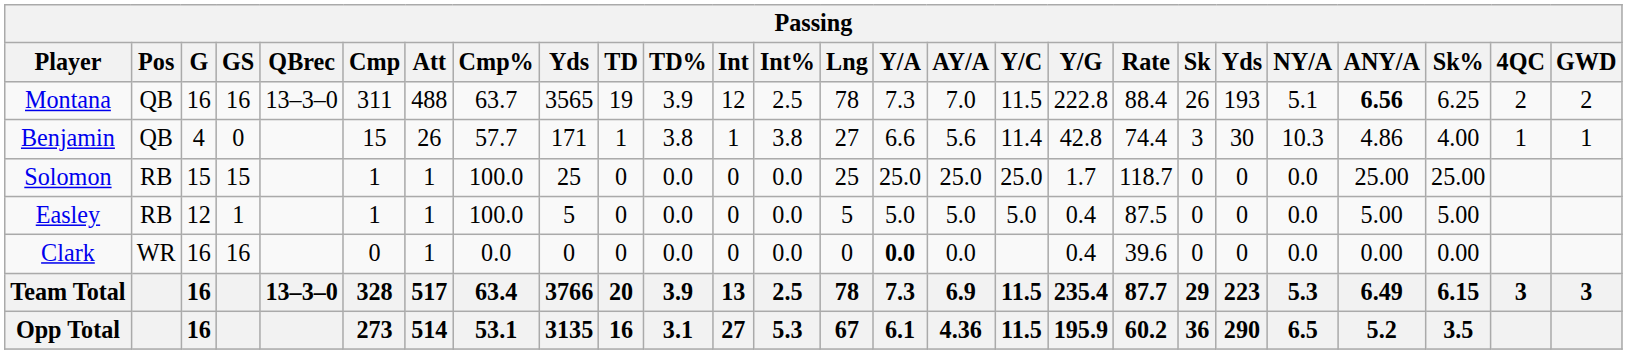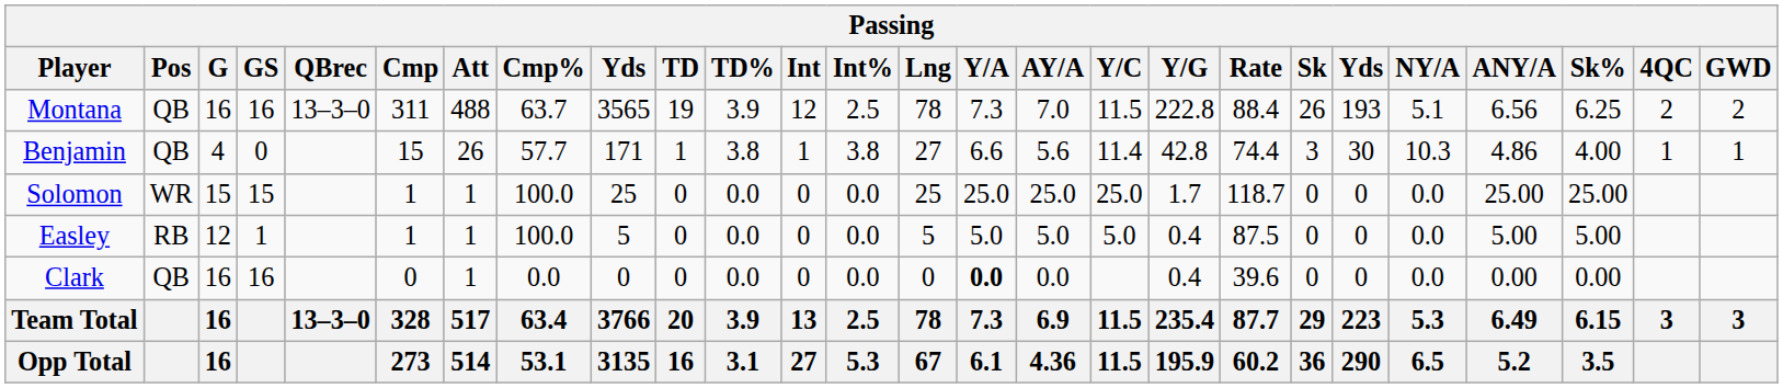 <table class="wikitable" style="text-align:center">
 <tr>
 <th colspan="26">Passing</th>
 </tr>
 <tr>
 <th>Player</th>
 <th>Pos</th>
 <th>G</th>
 <th>GS</th>
 <th>QBrec</th>
 <th>Cmp</th>
 <th>Att</th>
 <th>Cmp%</th>
 <th>Yds</th>
 <th>TD</th>
 <th>TD%</th>
 <th>Int</th>
 <th>Int%</th>
 <th>Lng</th>
 <th>Y/A</th>
 <th>AY/A</th>
 <th>Y/C</th>
 <th>Y/G</th>
 <th>Rate</th>
 <th>Sk</th>
 <th>Yds</th>
 <th>NY/A</th>
 <th>ANY/A</th>
 <th>Sk%</th>
 <th>4QC</th>
 <th>GWD</th>
 </tr>
 <tr>
 <td><a href='#'>Montana</a></td>
 <td>QB</td>
 <td>16</td>
 <td>16</td>
 <td>13–3–0</td>
 <td>311</td>
 <td>488</td>
 <td>63.7</td>
 <td>3565</td>
 <td>19</td>
 <td>3.9</td>
 <td>12</td>
 <td>2.5</td>
 <td>78</td>
 <td>7.3</td>
 <td>7.0</td>
 <td>11.5</td>
 <td>222.8</td>
 <td>88.4</td>
 <td>26</td>
 <td>193</td>
 <td>5.1</td>
-<td><strong>6.56</strong></td>
+<td>6.56</td>
 <td>6.25</td>
 <td>2</td>
 <td>2</td>
 </tr>
 <tr>
 <td><a href='#'>Benjamin</a></td>
 <td>QB</td>
 <td>4</td>
 <td>0</td>
 <td></td>
 <td>15</td>
 <td>26</td>
 <td>57.7</td>
 <td>171</td>
 <td>1</td>
 <td>3.8</td>
 <td>1</td>
 <td>3.8</td>
 <td>27</td>
 <td>6.6</td>
 <td>5.6</td>
 <td>11.4</td>
 <td>42.8</td>
 <td>74.4</td>
 <td>3</td>
 <td>30</td>
 <td>10.3</td>
 <td>4.86</td>
 <td>4.00</td>
 <td>1</td>
 <td>1</td>
 </tr>
 <tr>
 <td><a href='#'>Solomon</a></td>
-<td>RB</td>
+<td>WR</td>
 <td>15</td>
 <td>15</td>
 <td></td>
 <td>1</td>
 <td>1</td>
 <td>100.0</td>
 <td>25</td>
 <td>0</td>
 <td>0.0</td>
 <td>0</td>
 <td>0.0</td>
 <td>25</td>
 <td>25.0</td>
 <td>25.0</td>
 <td>25.0</td>
 <td>1.7</td>
 <td>118.7</td>
 <td>0</td>
 <td>0</td>
 <td>0.0</td>
 <td>25.00</td>
 <td>25.00</td>
 <td></td>
 <td></td>
 </tr>
 <tr>
 <td><a href='#'>Easley</a></td>
 <td>RB</td>
 <td>12</td>
 <td>1</td>
 <td></td>
 <td>1</td>
 <td>1</td>
 <td>100.0</td>
 <td>5</td>
 <td>0</td>
 <td>0.0</td>
 <td>0</td>
 <td>0.0</td>
 <td>5</td>
 <td>5.0</td>
 <td>5.0</td>
 <td>5.0</td>
 <td>0.4</td>
 <td>87.5</td>
 <td>0</td>
 <td>0</td>
 <td>0.0</td>
 <td>5.00</td>
 <td>5.00</td>
 <td></td>
 <td></td>
 </tr>
 <tr>
 <td><a href='#'>Clark</a></td>
-<td>WR</td>
+<td>QB</td>
 <td>16</td>
 <td>16</td>
 <td></td>
 <td>0</td>
 <td>1</td>
 <td>0.0</td>
 <td>0</td>
 <td>0</td>
 <td>0.0</td>
 <td>0</td>
 <td>0.0</td>
 <td>0</td>
 <td><strong>0.0</strong></td>
 <td>0.0</td>
 <td></td>
 <td>0.4</td>
 <td>39.6</td>
 <td>0</td>
 <td>0</td>
 <td>0.0</td>
 <td>0.00</td>
 <td>0.00</td>
 <td></td>
 <td></td>
 </tr>
 <tr>
 <th>Team Total</th>
 <th></th>
 <th>16</th>
 <th></th>
 <th>13–3–0</th>
 <th>328</th>
 <th>517</th>
 <th>63.4</th>
 <th>3766</th>
 <th>20</th>
 <th>3.9</th>
 <th>13</th>
 <th>2.5</th>
 <th>78</th>
 <th>7.3</th>
 <th>6.9</th>
 <th>11.5</th>
 <th>235.4</th>
 <th>87.7</th>
 <th>29</th>
 <th>223</th>
 <th>5.3</th>
 <th>6.49</th>
 <th>6.15</th>
 <th>3</th>
 <th>3</th>
 </tr>
 <tr>
 <th>Opp Total</th>
 <th></th>
 <th>16</th>
 <th></th>
 <th></th>
 <th>273</th>
 <th>514</th>
 <th>53.1</th>
 <th>3135</th>
 <th>16</th>
 <th>3.1</th>
 <th>27</th>
 <th>5.3</th>
 <th>67</th>
 <th>6.1</th>
 <th>4.36</th>
 <th>11.5</th>
 <th>195.9</th>
 <th>60.2</th>
 <th>36</th>
 <th>290</th>
 <th>6.5</th>
 <th>5.2</th>
 <th>3.5</th>
 <th></th>
 <th></th>
 </tr>
 </table>
